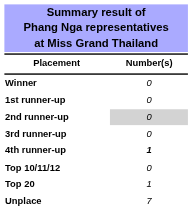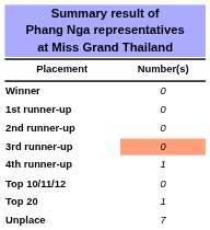 <table style="width: 270px; font-size:85%; line-height:1.5em;">
 <tr>
 <th colspan="2" align="center" style="background:#AAF;"><big>Summary result of<br>Phang Nga representatives<br>at Miss Grand Thailand</big></th>
 </tr>
 <tr>
 <td colspan="2" style="background:black"></td>
 </tr>
 <tr>
 <th scope="col">Placement</th>
 <th scope="col">Number(s)</th>
 </tr>
 <tr>
 <td colspan="2" style="background:black"></td>
 </tr>
 <tr>
 <td align="left"><strong>Winner</strong></td>
 <td align="center"><em>0</em></td>
 </tr>
 <tr>
 <td align="left"><strong>1st runner-up</strong></td>
 <td align="center"><em>0</em></td>
 </tr>
 <tr>
 <td align="left"><strong>2nd runner-up</strong></td>
-<td align="center" style="background: lightgrey;"><em>0</em></td>
+<td align="center"><em>0</em></td>
 </tr>
 <tr>
 <td align="left"><strong>3rd runner-up</strong></td>
-<td align="center"><em>0</em></td>
+<td align="center" style="background: lightsalmon;"><em>0</em></td>
 </tr>
 <tr>
 <td align="left"><strong>4th runner-up</strong></td>
-<td align="center"><strong><em>1</em></strong></td>
+<td align="center"><em>1</em></td>
 </tr>
 <tr>
 <td align="left"><strong>Top 10/11/12</strong></td>
 <td align="center"><em>0</em></td>
 </tr>
 <tr>
 <td align="left"><strong>Top 20</strong></td>
 <td align="center"><em>1</em></td>
 </tr>
 <tr>
 <td align="left"><strong>Unplace</strong></td>
 <td align="center"><em>7</em></td>
 </tr>
 </table>
